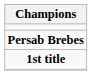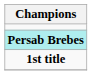 <table class="wikitable" style="text-align: center; margin: 0 auto;">
 <tr>
 <th>Champions</th>
 </tr>
 <tr>
 <td></td>
 </tr>
 <tr>
-<td><strong>Persab Brebes</strong></td>
+<td style="background: paleturquoise;"><strong>Persab Brebes</strong></td>
 </tr>
 <tr>
 <td><strong>1st title</strong></td>
 </tr>
 <tr>
 </tr>
 </table>
